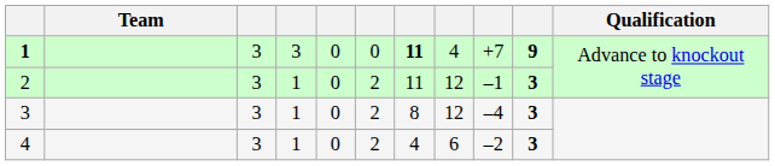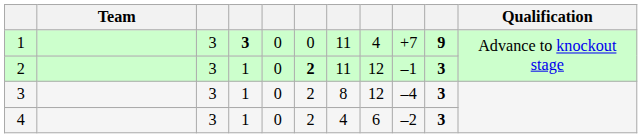 <table class="wikitable" style="text-align: center;">
 <tr>
 <th width="25"></th>
 <th width="150">Team</th>
 <th width="25"></th>
 <th width="25"></th>
 <th width="25"></th>
 <th width="25"></th>
 <th width="25"></th>
 <th width="25"></th>
 <th width="25"></th>
 <th width="25"></th>
 <th width="170">Qualification</th>
 </tr>
 <tr align=center style="background:#ccffcc;">
-<td><strong>1</strong></td>
+<td>1</td>
 <td style="text-align:left;"></td>
 <td>3</td>
-<td>3</td>
+<td><strong>3</strong></td>
 <td>0</td>
 <td>0</td>
-<td><strong>11</strong></td>
+<td>11</td>
 <td>4</td>
 <td>+7</td>
 <td><strong>9</strong></td>
 <td rowspan="2">Advance to <a href='#'>knockout stage</a></td>
 </tr>
 <tr align=center style="background:#ccffcc;">
 <td>2</td>
 <td style="text-align:left;"></td>
 <td>3</td>
 <td>1</td>
 <td>0</td>
-<td>2</td>
+<td><strong>2</strong></td>
 <td>11</td>
 <td>12</td>
 <td>–1</td>
 <td><strong>3</strong></td>
 </tr>
 <tr align=center style="background:#f5f5f5;">
 <td>3</td>
 <td style="text-align:left;"></td>
 <td>3</td>
 <td>1</td>
 <td>0</td>
 <td>2</td>
 <td>8</td>
 <td>12</td>
 <td>–4</td>
 <td><strong>3</strong></td>
 <td rowspan="2"></td>
 </tr>
 <tr align=center style="background:#f5f5f5;">
 <td>4</td>
 <td style="text-align:left;"></td>
 <td>3</td>
 <td>1</td>
 <td>0</td>
 <td>2</td>
 <td>4</td>
 <td>6</td>
 <td>–2</td>
 <td><strong>3</strong></td>
 </tr>
 </table>
